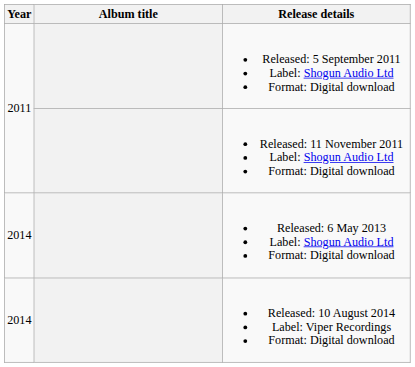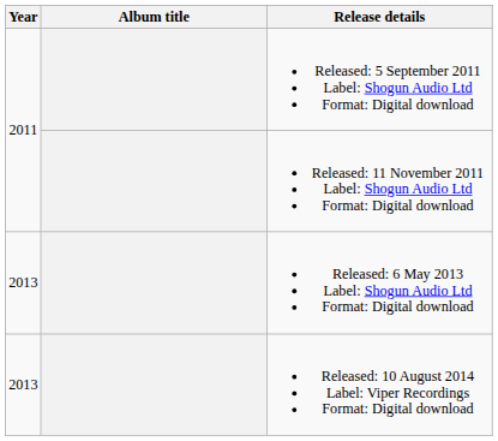 <table class="wikitable plainrowheaders" style="text-align:center;">
 <tr>
 <th>Year</th>
 <th scope="col" style="width:15em;">Album title</th>
 <th scope="col" style="width:15em;">Release details</th>
 </tr>
 <tr>
 <td rowspan="2">2011</td>
 <th></th>
 <td><br><ul><li>Released: 5 September 2011</li><li>Label: <a href='#'>Shogun Audio Ltd</a></li><li>Format: Digital download</li></ul></td>
 </tr>
 <tr>
 <th></th>
 <td><br><ul><li>Released: 11 November 2011</li><li>Label: <a href='#'>Shogun Audio Ltd</a></li><li>Format: Digital download</li></ul></td>
 </tr>
 <tr>
-<td>2014</td>
+<td>2013</td>
 <th></th>
 <td><br><ul><li>Released: 6 May 2013</li><li>Label: <a href='#'>Shogun Audio Ltd</a></li><li>Format: Digital download</li></ul></td>
 </tr>
 <tr>
-<td>2014</td>
+<td>2013</td>
 <th></th>
 <td><br><ul><li>Released: 10 August 2014</li><li>Label: Viper Recordings</li><li>Format: Digital download</li></ul></td>
 </tr>
 </table>
